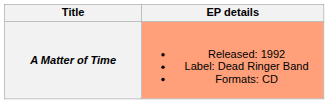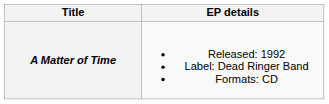 <table class="wikitable plainrowheaders" style="text-align:center;">
 <tr>
 <th scope="col" rowspan="1" style="width:12em;">Title</th>
 <th scope="col" rowspan="1" style="width:16em;">EP details</th>
 </tr>
 <tr>
 <th scope="row"><em>A Matter of Time</em></th>
-<td style="background: lightsalmon;"><br><ul><li>Released: 1992</li><li>Label: Dead Ringer Band</li><li>Formats: CD</li></ul></td>
+<td><br><ul><li>Released: 1992</li><li>Label: Dead Ringer Band</li><li>Formats: CD</li></ul></td>
 </tr>
 </table>
